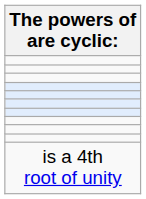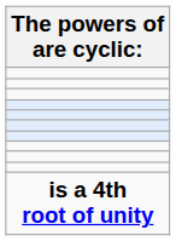 <table class="wikitable" style="float: right; margin-left: 1em; text-align: center;">
 <tr>
 <th>The powers of <br> are cyclic:</th>
 </tr>
 <tr>
 <td></td>
 </tr>
 <tr>
 <td></td>
 </tr>
 <tr>
 <td></td>
 </tr>
 <tr>
 <td style="background:#e1edfd;"></td>
 </tr>
 <tr>
 <td style="background:#e1edfd;"></td>
 </tr>
 <tr>
 <td style="background:#e1edfd;"></td>
 </tr>
 <tr>
 <td style="background:#e1edfd;"></td>
 </tr>
 <tr>
 <td></td>
 </tr>
 <tr>
 <td></td>
 </tr>
 <tr>
 <td></td>
 </tr>
 <tr>
-<td> is a 4th<br> <a href='#'>root of unity</a></td>
+<td><strong> is a 4th<br> <a href='#'>root of unity</a></strong></td>
 </tr>
 </table>
